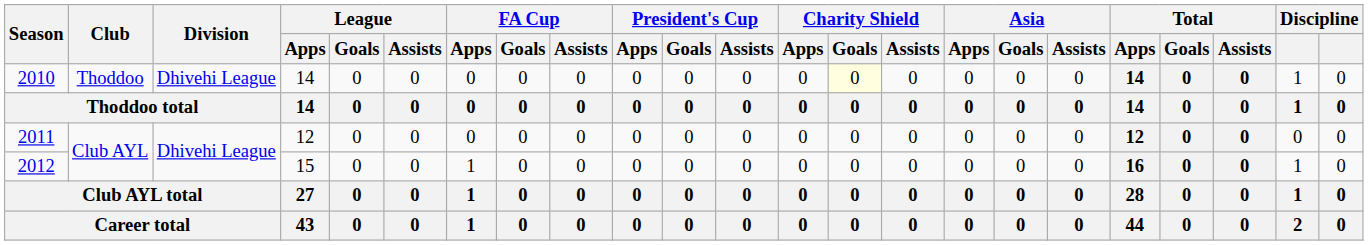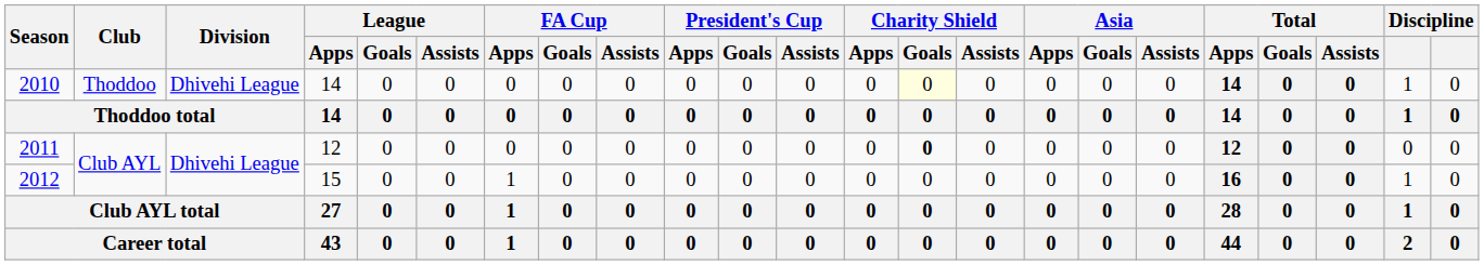 <table class=wikitable style="text-align:center">
 <tr>
 <th rowspan=2>Season</th>
 <th rowspan=2>Club</th>
 <th rowspan=2>Division</th>
 <th colspan=3>League</th>
 <th colspan=3><a href='#'>FA Cup</a></th>
 <th colspan=3><a href='#'>President's Cup</a></th>
 <th colspan=3><a href='#'>Charity Shield</a></th>
 <th colspan=3><a href='#'>Asia</a></th>
 <th colspan=3>Total</th>
 <th colspan="2">Discipline</th>
 </tr>
 <tr>
 <th>Apps</th>
 <th>Goals</th>
 <th>Assists</th>
 <th>Apps</th>
 <th>Goals</th>
 <th>Assists</th>
 <th>Apps</th>
 <th>Goals</th>
 <th>Assists</th>
 <th>Apps</th>
 <th>Goals</th>
 <th>Assists</th>
 <th>Apps</th>
 <th>Goals</th>
 <th>Assists</th>
 <th>Apps</th>
 <th>Goals</th>
 <th>Assists</th>
 <th></th>
 <th></th>
 </tr>
 <tr>
 <td><a href='#'>2010</a></td>
 <td rowspan=1><a href='#'>Thoddoo</a></td>
 <td rowspan=1><a href='#'>Dhivehi League</a></td>
 <td>14</td>
 <td>0</td>
 <td>0</td>
 <td>0</td>
 <td>0</td>
 <td>0</td>
 <td>0</td>
 <td>0</td>
 <td>0</td>
 <td>0</td>
 <td style="background: lightyellow;">0</td>
 <td>0</td>
 <td>0</td>
 <td>0</td>
 <td>0</td>
 <th>14</th>
 <th>0</th>
 <th>0</th>
 <td>1</td>
 <td>0</td>
 </tr>
 <tr>
 <th colspan=3>Thoddoo total</th>
 <th>14</th>
 <th>0</th>
 <th>0</th>
 <th>0</th>
 <th>0</th>
 <th>0</th>
 <th>0</th>
 <th>0</th>
 <th>0</th>
 <th>0</th>
 <th>0</th>
 <th>0</th>
 <th>0</th>
 <th>0</th>
 <th>0</th>
 <th>14</th>
 <th>0</th>
 <th>0</th>
 <th>1</th>
 <th>0</th>
 </tr>
 <tr>
 <td><a href='#'>2011</a></td>
 <td rowspan=2><a href='#'>Club AYL</a></td>
 <td rowspan=2><a href='#'>Dhivehi League</a></td>
 <td>12</td>
 <td>0</td>
 <td>0</td>
 <td>0</td>
 <td>0</td>
 <td>0</td>
 <td>0</td>
 <td>0</td>
 <td>0</td>
 <td>0</td>
-<td>0</td>
+<td><strong>0</strong></td>
 <td>0</td>
 <td>0</td>
 <td>0</td>
 <td>0</td>
 <th>12</th>
 <th>0</th>
 <th>0</th>
 <td>0</td>
 <td>0</td>
 </tr>
 <tr>
 <td><a href='#'>2012</a></td>
 <td>15</td>
 <td>0</td>
 <td>0</td>
 <td>1</td>
 <td>0</td>
 <td>0</td>
 <td>0</td>
 <td>0</td>
 <td>0</td>
 <td>0</td>
 <td>0</td>
 <td>0</td>
 <td>0</td>
 <td>0</td>
 <td>0</td>
 <th>16</th>
 <th>0</th>
 <th>0</th>
 <td>1</td>
 <td>0</td>
 </tr>
 <tr>
 <th colspan=3>Club AYL total</th>
 <th>27</th>
 <th>0</th>
 <th>0</th>
 <th>1</th>
 <th>0</th>
 <th>0</th>
 <th>0</th>
 <th>0</th>
 <th>0</th>
 <th>0</th>
 <th>0</th>
 <th>0</th>
 <th>0</th>
 <th>0</th>
 <th>0</th>
 <th>28</th>
 <th>0</th>
 <th>0</th>
 <th>1</th>
 <th>0</th>
 </tr>
 <tr>
 <th colspan=3>Career total</th>
 <th>43</th>
 <th>0</th>
 <th>0</th>
 <th>1</th>
 <th>0</th>
 <th>0</th>
 <th>0</th>
 <th>0</th>
 <th>0</th>
 <th>0</th>
 <th>0</th>
 <th>0</th>
 <th>0</th>
 <th>0</th>
 <th>0</th>
 <th>44</th>
 <th>0</th>
 <th>0</th>
 <th>2</th>
 <th>0</th>
 </tr>
 </table>
